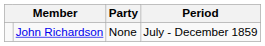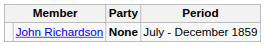 <table class="wikitable">
 <tr>
 <th colspan="2">Member</th>
 <th>Party</th>
 <th>Period</th>
 </tr>
 <tr>
 <td> </td>
 <td><a href='#'>John Richardson</a></td>
-<td>None</td>
+<td><strong>None</strong></td>
 <td>July - December 1859</td>
 </tr>
 </table>
